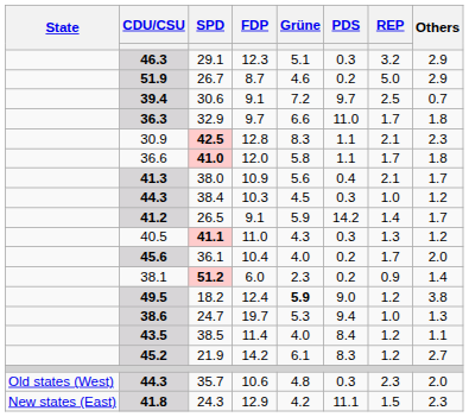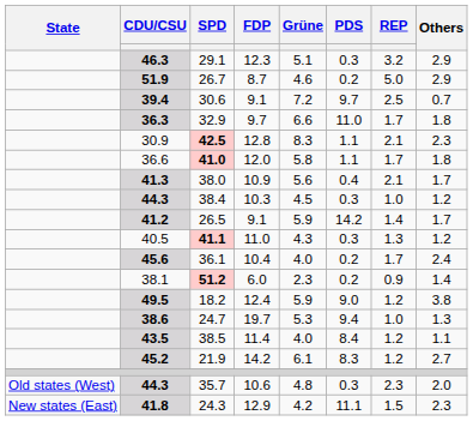 <table class="wikitable sortable" style="text-align: center; font-size: 90%; line-height: 14px;">
 <tr style="height: 40px;">
 <th rowspan="2"><a href='#'>State</a></th>
 <th style="width: 40px;"><a href='#'>CDU/CSU</a></th>
 <th style="width: 40px;"><a href='#'>SPD</a></th>
 <th style="width: 40px;"><a href='#'>FDP</a></th>
 <th style="width: 40px;"><a href='#'>Grüne</a></th>
 <th style="width: 40px;"><a href='#'>PDS</a></th>
 <th style="width: 40px;"><a href='#'>REP</a></th>
 <th class="unsortable" style="width: 40px;" rowspan="2">Others</th>
 </tr>
 <tr>
 <th style="background:"></th>
 <th style="background:"></th>
 <th style="background:"></th>
 <th style="background:"></th>
 <th style="background:"></th>
 <th style="background:"></th>
 </tr>
 <tr>
 <td style="text-align: left;"></td>
 <td style="background: #D7D5D7;"><strong>46.3</strong></td>
 <td>29.1</td>
 <td>12.3</td>
 <td>5.1</td>
 <td>0.3</td>
 <td>3.2</td>
 <td>2.9</td>
 </tr>
 <tr>
 <td style="text-align: left;"></td>
 <td style="background: #D7D5D7;"><strong>51.9</strong></td>
 <td>26.7</td>
 <td>8.7</td>
 <td>4.6</td>
 <td>0.2</td>
 <td>5.0</td>
 <td>2.9</td>
 </tr>
 <tr>
 <td style="text-align: left;"></td>
 <td style="background: #D7D5D7;"><strong>39.4</strong></td>
 <td>30.6</td>
 <td>9.1</td>
 <td>7.2</td>
 <td>9.7</td>
 <td>2.5</td>
 <td>0.7</td>
 </tr>
 <tr>
 <td style="text-align: left;"></td>
 <td style="background: #D7D5D7;"><strong>36.3</strong></td>
 <td>32.9</td>
 <td>9.7</td>
 <td>6.6</td>
 <td>11.0</td>
 <td>1.7</td>
 <td>1.8</td>
 </tr>
 <tr>
 <td style="text-align: left;"></td>
 <td>30.9</td>
 <td style="background: #FFCCCC;"><strong>42.5</strong></td>
 <td>12.8</td>
 <td>8.3</td>
 <td>1.1</td>
 <td>2.1</td>
 <td>2.3</td>
 </tr>
 <tr>
 <td style="text-align: left;"></td>
 <td>36.6</td>
 <td style="background: #FFCCCC;"><strong>41.0</strong></td>
 <td>12.0</td>
 <td>5.8</td>
 <td>1.1</td>
 <td>1.7</td>
 <td>1.8</td>
 </tr>
 <tr>
 <td style="text-align: left;"></td>
 <td style="background: #D7D5D7;"><strong>41.3</strong></td>
 <td>38.0</td>
 <td>10.9</td>
 <td>5.6</td>
 <td>0.4</td>
 <td>2.1</td>
 <td>1.7</td>
 </tr>
 <tr>
 <td style="text-align: left;"></td>
 <td style="background: #D7D5D7;"><strong>44.3</strong></td>
 <td>38.4</td>
 <td>10.3</td>
 <td>4.5</td>
 <td>0.3</td>
 <td>1.0</td>
 <td>1.2</td>
 </tr>
 <tr>
 <td style="text-align: left;"></td>
 <td style="background: #D7D5D7;"><strong>41.2</strong></td>
 <td>26.5</td>
 <td>9.1</td>
 <td>5.9</td>
 <td>14.2</td>
 <td>1.4</td>
 <td>1.7</td>
 </tr>
 <tr>
 <td style="text-align: left;"></td>
 <td>40.5</td>
 <td style="background: #FFCCCC;"><strong>41.1</strong></td>
 <td>11.0</td>
 <td>4.3</td>
 <td>0.3</td>
 <td>1.3</td>
 <td>1.2</td>
 </tr>
 <tr>
 <td style="text-align: left;"></td>
 <td style="background: #D7D5D7;"><strong>45.6</strong></td>
 <td>36.1</td>
 <td>10.4</td>
 <td>4.0</td>
 <td>0.2</td>
 <td>1.7</td>
-<td>2.0</td>
+<td>2.4</td>
 </tr>
 <tr>
 <td style="text-align: left;"></td>
 <td>38.1</td>
 <td style="background: #FFCCCC;"><strong>51.2</strong></td>
 <td>6.0</td>
 <td>2.3</td>
 <td>0.2</td>
 <td>0.9</td>
 <td>1.4</td>
 </tr>
 <tr>
 <td style="text-align: left;"></td>
 <td style="background: #D7D5D7;"><strong>49.5</strong></td>
 <td>18.2</td>
 <td>12.4</td>
-<td><strong>5.9</strong></td>
+<td>5.9</td>
 <td>9.0</td>
 <td>1.2</td>
 <td>3.8</td>
 </tr>
 <tr>
 <td style="text-align: left;"></td>
 <td style="background: #D7D5D7;"><strong>38.6</strong></td>
 <td>24.7</td>
 <td>19.7</td>
 <td>5.3</td>
 <td>9.4</td>
 <td>1.0</td>
 <td>1.3</td>
 </tr>
 <tr>
 <td style="text-align: left;"></td>
 <td style="background: #D7D5D7;"><strong>43.5</strong></td>
 <td>38.5</td>
 <td>11.4</td>
 <td>4.0</td>
 <td>8.4</td>
 <td>1.2</td>
 <td>1.1</td>
 </tr>
 <tr>
 <td style="text-align: left;"></td>
 <td style="background: #D7D5D7;"><strong>45.2</strong></td>
 <td>21.9</td>
 <td>14.2</td>
 <td>6.1</td>
 <td>8.3</td>
 <td>1.2</td>
 <td>2.7</td>
 </tr>
 <tr>
 <td colspan="8" bgcolor="#D3D3D3"></td>
 </tr>
 <tr>
 <td style="text-align: left;"><a href='#'>Old states (West)</a></td>
 <td style="background: #D7D5D7;"><strong>44.3</strong></td>
 <td>35.7</td>
 <td>10.6</td>
 <td>4.8</td>
 <td>0.3</td>
 <td>2.3</td>
 <td>2.0</td>
 </tr>
 <tr>
 <td style="text-align: left;"><a href='#'>New states (East)</a></td>
 <td style="background: #D7D5D7;"><strong>41.8</strong></td>
 <td>24.3</td>
 <td>12.9</td>
 <td>4.2</td>
 <td>11.1</td>
 <td>1.5</td>
 <td>2.3</td>
 </tr>
 </table>
